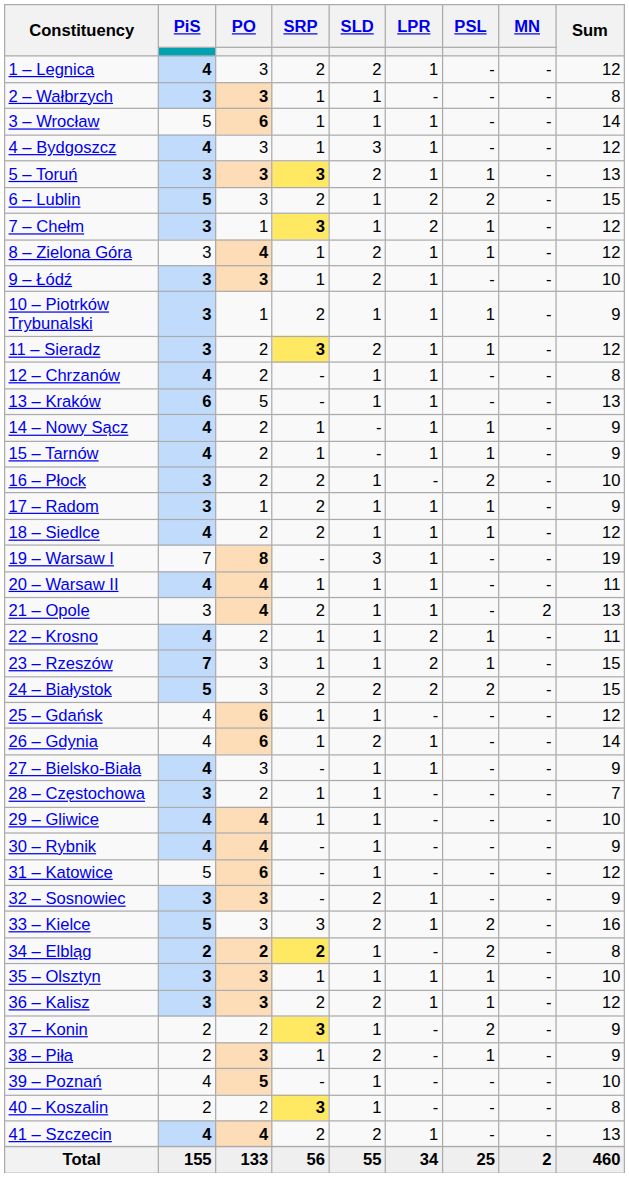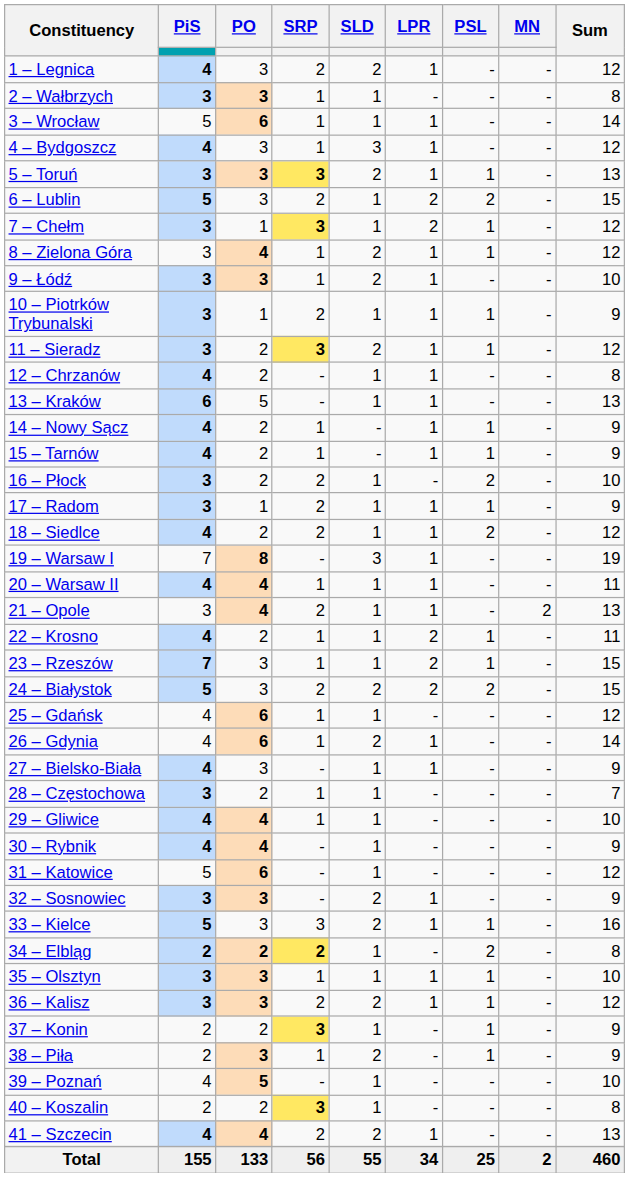 <table class="wikitable sortable collapsible" style="font-size:85%; text-align:right">
 <tr style="height:35px; text-align:center; background-color:#E9E9E9;">
 <th rowspan="2" style="width:120px;">Constituency</th>
 <th style="width:40px;" class="unsortable"><a href='#'><span>PiS</span></a></th>
 <th style="width:40px;" class="unsortable"><a href='#'><span>PO</span></a></th>
 <th style="width:40px;" class="unsortable"><a href='#'><span>SRP</span></a></th>
 <th style="width:40px;" class="unsortable"><a href='#'><span>SLD</span></a></th>
 <th style="width:40px;" class="unsortable"><a href='#'><span>LPR</span></a></th>
 <th style="width:40px;" class="unsortable"><a href='#'><span>PSL</span></a></th>
 <th style="width:40px;" class="unsortable"><a href='#'><span>MN</span></a></th>
 <th rowspan="2" style="width:50px;">Sum</th>
 </tr>
 <tr>
 <th data-sort-type="number" style="height:1px; background:#00a1b0;"></th>
 <th data-sort-type="number" style="height:1px; background:"></th>
 <th data-sort-type="number" style="height:1px; background:"></th>
 <th data-sort-type="number" style="height:1px; background:"></th>
 <th data-sort-type="number" style="height:1px; background:"></th>
 <th data-sort-type="number" style="height:1px; background:"></th>
 <th data-sort-type="number" style="height:1px; background:"></th>
 </tr>
 <tr>
 <td align=left><a href='#'>1 – Legnica</a></td>
 <td style="font-weight:bold; background:#C0DBFC">4</td>
 <td>3</td>
 <td>2</td>
 <td>2</td>
 <td>1</td>
 <td>-</td>
 <td>-</td>
 <td>12</td>
 </tr>
 <tr>
 <td align=left><a href='#'>2 – Wałbrzych</a></td>
 <td style="font-weight:bold; background:#C0DBFC">3</td>
 <td style="font-weight:bold; background:#FDDCB8">3</td>
 <td>1</td>
 <td>1</td>
 <td>-</td>
 <td>-</td>
 <td>-</td>
 <td>8</td>
 </tr>
 <tr>
 <td align=left><a href='#'>3 – Wrocław</a></td>
 <td>5</td>
 <td style="font-weight:bold; background:#FDDCB8">6</td>
 <td>1</td>
 <td>1</td>
 <td>1</td>
 <td>-</td>
 <td>-</td>
 <td>14</td>
 </tr>
 <tr>
 <td align=left><a href='#'>4 – Bydgoszcz</a></td>
 <td style="font-weight:bold; background:#C0DBFC">4</td>
 <td>3</td>
 <td>1</td>
 <td>3</td>
 <td>1</td>
 <td>-</td>
 <td>-</td>
 <td>12</td>
 </tr>
 <tr>
 <td align=left><a href='#'>5 – Toruń</a></td>
 <td style="font-weight:bold; background:#C0DBFC">3</td>
 <td style="font-weight:bold; background:#FDDCB8">3</td>
 <td style="font-weight:bold; background:#FFE862">3</td>
 <td>2</td>
 <td>1</td>
 <td>1</td>
 <td>-</td>
 <td>13</td>
 </tr>
 <tr>
 <td align=left><a href='#'>6 – Lublin</a></td>
 <td style="font-weight:bold; background:#C0DBFC">5</td>
 <td>3</td>
 <td>2</td>
 <td>1</td>
 <td>2</td>
 <td>2</td>
 <td>-</td>
 <td>15</td>
 </tr>
 <tr>
 <td align=left><a href='#'>7 – Chełm</a></td>
 <td style="font-weight:bold; background:#C0DBFC">3</td>
 <td>1</td>
 <td style="font-weight:bold; background:#FFE862">3</td>
 <td>1</td>
 <td>2</td>
 <td>1</td>
 <td>-</td>
 <td>12</td>
 </tr>
 <tr>
 <td align=left><a href='#'>8 – Zielona Góra</a></td>
 <td>3</td>
 <td style="font-weight:bold; background:#FDDCB8">4</td>
 <td>1</td>
 <td>2</td>
 <td>1</td>
 <td>1</td>
 <td>-</td>
 <td>12</td>
 </tr>
 <tr>
 <td align=left><a href='#'>9 – Łódź</a></td>
 <td style="font-weight:bold; background:#C0DBFC">3</td>
 <td style="font-weight:bold; background:#FDDCB8">3</td>
 <td>1</td>
 <td>2</td>
 <td>1</td>
 <td>-</td>
 <td>-</td>
 <td>10</td>
 </tr>
 <tr>
 <td align=left><a href='#'>10 – Piotrków Trybunalski</a></td>
 <td style="font-weight:bold; background:#C0DBFC">3</td>
 <td>1</td>
 <td>2</td>
 <td>1</td>
 <td>1</td>
 <td>1</td>
 <td>-</td>
 <td>9</td>
 </tr>
 <tr>
 <td align=left><a href='#'>11 – Sieradz</a></td>
 <td style="font-weight:bold; background:#C0DBFC">3</td>
 <td>2</td>
 <td style="font-weight:bold; background:#FFE862">3</td>
 <td>2</td>
 <td>1</td>
 <td>1</td>
 <td>-</td>
 <td>12</td>
 </tr>
 <tr>
 <td align=left><a href='#'>12 – Chrzanów</a></td>
 <td style="font-weight:bold; background:#C0DBFC">4</td>
 <td>2</td>
 <td>-</td>
 <td>1</td>
 <td>1</td>
 <td>-</td>
 <td>-</td>
 <td>8</td>
 </tr>
 <tr>
 <td align=left><a href='#'>13 – Kraków</a></td>
 <td style="font-weight:bold; background:#C0DBFC">6</td>
 <td>5</td>
 <td>-</td>
 <td>1</td>
 <td>1</td>
 <td>-</td>
 <td>-</td>
 <td>13</td>
 </tr>
 <tr>
 <td align=left><a href='#'>14 – Nowy Sącz</a></td>
 <td style="font-weight:bold; background:#C0DBFC">4</td>
 <td>2</td>
 <td>1</td>
 <td>-</td>
 <td>1</td>
 <td>1</td>
 <td>-</td>
 <td>9</td>
 </tr>
 <tr>
 <td align=left><a href='#'>15 – Tarnów</a></td>
 <td style="font-weight:bold; background:#C0DBFC">4</td>
 <td>2</td>
 <td>1</td>
 <td>-</td>
 <td>1</td>
 <td>1</td>
 <td>-</td>
 <td>9</td>
 </tr>
 <tr>
 <td align=left><a href='#'>16 – Płock</a></td>
 <td style="font-weight:bold; background:#C0DBFC">3</td>
 <td>2</td>
 <td>2</td>
 <td>1</td>
 <td>-</td>
 <td>2</td>
 <td>-</td>
 <td>10</td>
 </tr>
 <tr>
 <td align=left><a href='#'>17 – Radom</a></td>
 <td style="font-weight:bold; background:#C0DBFC">3</td>
 <td>1</td>
 <td>2</td>
 <td>1</td>
 <td>1</td>
 <td>1</td>
 <td>-</td>
 <td>9</td>
 </tr>
 <tr>
 <td align=left><a href='#'>18 – Siedlce</a></td>
 <td style="font-weight:bold; background:#C0DBFC">4</td>
 <td>2</td>
 <td>2</td>
 <td>1</td>
 <td>1</td>
-<td>1</td>
+<td>2</td>
 <td>-</td>
 <td>12</td>
 </tr>
 <tr>
 <td align=left><a href='#'>19 – Warsaw I</a></td>
 <td>7</td>
 <td style="font-weight:bold; background:#FDDCB8">8</td>
 <td>-</td>
 <td>3</td>
 <td>1</td>
 <td>-</td>
 <td>-</td>
 <td>19</td>
 </tr>
 <tr>
 <td align=left><a href='#'>20 – Warsaw II</a></td>
 <td style="font-weight:bold; background:#C0DBFC">4</td>
 <td style="font-weight:bold; background:#FDDCB8">4</td>
 <td>1</td>
 <td>1</td>
 <td>1</td>
 <td>-</td>
 <td>-</td>
 <td>11</td>
 </tr>
 <tr>
 <td align=left><a href='#'>21 – Opole</a></td>
 <td>3</td>
 <td style="font-weight:bold; background:#FDDCB8">4</td>
 <td>2</td>
 <td>1</td>
 <td>1</td>
 <td>-</td>
 <td>2</td>
 <td>13</td>
 </tr>
 <tr>
 <td align=left><a href='#'>22 – Krosno</a></td>
 <td style="font-weight:bold; background:#C0DBFC">4</td>
 <td>2</td>
 <td>1</td>
 <td>1</td>
 <td>2</td>
 <td>1</td>
 <td>-</td>
 <td>11</td>
 </tr>
 <tr>
 <td align=left><a href='#'>23 – Rzeszów</a></td>
 <td style="font-weight:bold; background:#C0DBFC">7</td>
 <td>3</td>
 <td>1</td>
 <td>1</td>
 <td>2</td>
 <td>1</td>
 <td>-</td>
 <td>15</td>
 </tr>
 <tr>
 <td align=left><a href='#'>24 – Białystok</a></td>
 <td style="font-weight:bold; background:#C0DBFC">5</td>
 <td>3</td>
 <td>2</td>
 <td>2</td>
 <td>2</td>
 <td>2</td>
 <td>-</td>
 <td>15</td>
 </tr>
 <tr>
 <td align=left><a href='#'>25 – Gdańsk</a></td>
 <td>4</td>
 <td style="font-weight:bold; background:#FDDCB8">6</td>
 <td>1</td>
 <td>1</td>
 <td>-</td>
 <td>-</td>
 <td>-</td>
 <td>12</td>
 </tr>
 <tr>
 <td align=left><a href='#'>26 – Gdynia</a></td>
 <td>4</td>
 <td style="font-weight:bold; background:#FDDCB8">6</td>
 <td>1</td>
 <td>2</td>
 <td>1</td>
 <td>-</td>
 <td>-</td>
 <td>14</td>
 </tr>
 <tr>
 <td align=left><a href='#'>27 – Bielsko-Biała</a></td>
 <td style="font-weight:bold; background:#C0DBFC">4</td>
 <td>3</td>
 <td>-</td>
 <td>1</td>
 <td>1</td>
 <td>-</td>
 <td>-</td>
 <td>9</td>
 </tr>
 <tr>
 <td align=left><a href='#'>28 – Częstochowa</a></td>
 <td style="font-weight:bold; background:#C0DBFC">3</td>
 <td>2</td>
 <td>1</td>
 <td>1</td>
 <td>-</td>
 <td>-</td>
 <td>-</td>
 <td>7</td>
 </tr>
 <tr>
 <td align=left><a href='#'>29 – Gliwice</a></td>
 <td style="font-weight:bold; background:#C0DBFC">4</td>
 <td style="font-weight:bold; background:#FDDCB8">4</td>
 <td>1</td>
 <td>1</td>
 <td>-</td>
 <td>-</td>
 <td>-</td>
 <td>10</td>
 </tr>
 <tr>
 <td align=left><a href='#'>30 – Rybnik</a></td>
 <td style="font-weight:bold; background:#C0DBFC">4</td>
 <td style="font-weight:bold; background:#FDDCB8">4</td>
 <td>-</td>
 <td>1</td>
 <td>-</td>
 <td>-</td>
 <td>-</td>
 <td>9</td>
 </tr>
 <tr>
 <td align=left><a href='#'>31 – Katowice</a></td>
 <td>5</td>
 <td style="font-weight:bold; background:#FDDCB8">6</td>
 <td>-</td>
 <td>1</td>
 <td>-</td>
 <td>-</td>
 <td>-</td>
 <td>12</td>
 </tr>
 <tr>
 <td align=left><a href='#'>32 – Sosnowiec</a></td>
 <td style="font-weight:bold; background:#C0DBFC">3</td>
 <td style="font-weight:bold; background:#FDDCB8">3</td>
 <td>-</td>
 <td>2</td>
 <td>1</td>
 <td>-</td>
 <td>-</td>
 <td>9</td>
 </tr>
 <tr>
 <td align=left><a href='#'>33 – Kielce</a></td>
 <td style="font-weight:bold; background:#C0DBFC">5</td>
 <td>3</td>
 <td>3</td>
 <td>2</td>
 <td>1</td>
-<td>2</td>
+<td>1</td>
 <td>-</td>
 <td>16</td>
 </tr>
 <tr>
 <td align=left><a href='#'>34 – Elbląg</a></td>
 <td style="font-weight:bold; background:#C0DBFC">2</td>
 <td style="font-weight:bold; background:#FDDCB8">2</td>
 <td style="font-weight:bold; background:#FFE862">2</td>
 <td>1</td>
 <td>-</td>
 <td>2</td>
 <td>-</td>
 <td>8</td>
 </tr>
 <tr>
 <td align=left><a href='#'>35 – Olsztyn</a></td>
 <td style="font-weight:bold; background:#C0DBFC">3</td>
 <td style="font-weight:bold; background:#FDDCB8">3</td>
 <td>1</td>
 <td>1</td>
 <td>1</td>
 <td>1</td>
 <td>-</td>
 <td>10</td>
 </tr>
 <tr>
 <td align=left><a href='#'>36 – Kalisz</a></td>
 <td style="font-weight:bold; background:#C0DBFC">3</td>
 <td style="font-weight:bold; background:#FDDCB8">3</td>
 <td>2</td>
 <td>2</td>
 <td>1</td>
 <td>1</td>
 <td>-</td>
 <td>12</td>
 </tr>
 <tr>
 <td align=left><a href='#'>37 – Konin</a></td>
 <td>2</td>
 <td>2</td>
 <td style="font-weight:bold; background:#FFE862">3</td>
 <td>1</td>
 <td>-</td>
-<td>2</td>
+<td>1</td>
 <td>-</td>
 <td>9</td>
 </tr>
 <tr>
 <td align=left><a href='#'>38 – Piła</a></td>
 <td>2</td>
 <td style="font-weight:bold; background:#FDDCB8">3</td>
 <td>1</td>
 <td>2</td>
 <td>-</td>
 <td>1</td>
 <td>-</td>
 <td>9</td>
 </tr>
 <tr>
 <td align=left><a href='#'>39 – Poznań</a></td>
 <td>4</td>
 <td style="font-weight:bold; background:#FDDCB8">5</td>
 <td>-</td>
 <td>1</td>
 <td>-</td>
 <td>-</td>
 <td>-</td>
 <td>10</td>
 </tr>
 <tr>
 <td align=left><a href='#'>40 – Koszalin</a></td>
 <td>2</td>
 <td>2</td>
 <td style="font-weight:bold; background:#FFE862">3</td>
 <td>1</td>
 <td>-</td>
 <td>-</td>
 <td>-</td>
 <td>8</td>
 </tr>
 <tr>
 <td align=left><a href='#'>41 – Szczecin</a></td>
 <td style="font-weight:bold; background:#C0DBFC">4</td>
 <td style="font-weight:bold; background:#FDDCB8">4</td>
 <td>2</td>
 <td>2</td>
 <td>1</td>
 <td>-</td>
 <td>-</td>
 <td>13</td>
 </tr>
 <tr>
 </tr>
 <tr style="background:#EFEFEF; font-weight:bold;">
 <th>Total</th>
 <td>155</td>
 <td>133</td>
 <td>56</td>
 <td>55</td>
 <td>34</td>
 <td>25</td>
 <td>2</td>
 <td>460</td>
 </tr>
 <tr>
 </tr>
 </table>
